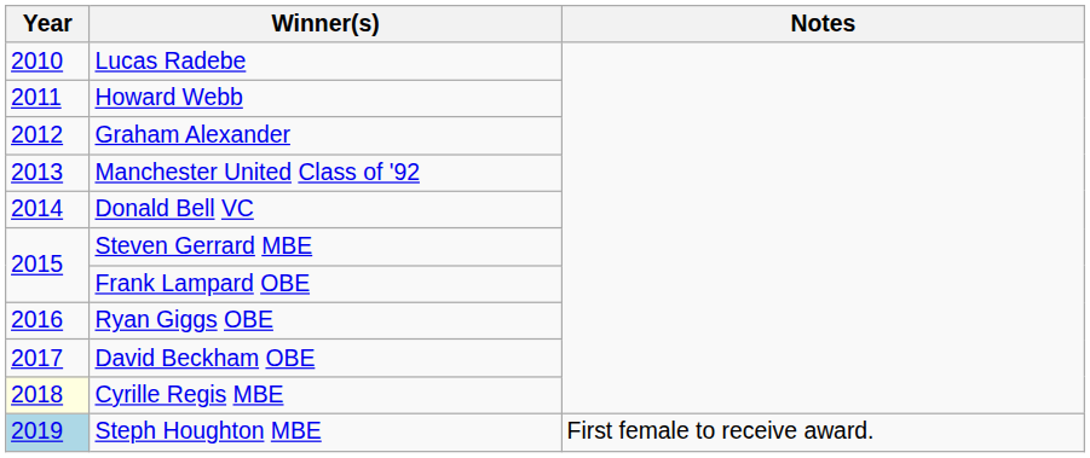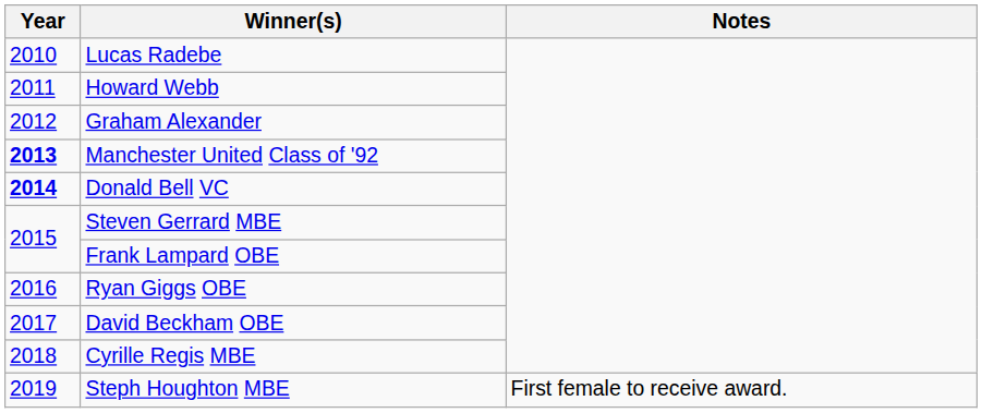 <table class="wikitable">
 <tr>
 <th>Year</th>
 <th>Winner(s)</th>
 <th width="350px">Notes</th>
 </tr>
 <tr>
 <td width="50px"><a href='#'>2010</a></td>
 <td width="315px"> <a href='#'>Lucas Radebe</a></td>
 </tr>
 <tr>
 <td width="50px"><a href='#'>2011</a></td>
 <td width"315px"> <a href='#'>Howard Webb</a></td>
 </tr>
 <tr>
 <td width="50px"><a href='#'>2012</a></td>
 <td width"315px"> <a href='#'>Graham Alexander</a></td>
 </tr>
 <tr>
-<td width="50px"><a href='#'>2013</a></td>
+<td width="50px"><strong><a href='#'>2013</a></strong></td>
 <td width"315px"><a href='#'>Manchester United</a> <a href='#'>Class of '92</a></td>
 </tr>
 <tr>
-<td width="50px"><a href='#'>2014</a></td>
+<td width="50px"><strong><a href='#'>2014</a></strong></td>
 <td width"315px"> <a href='#'>Donald Bell</a> <a href='#'>VC</a></td>
 </tr>
 <tr>
 <td width="50px" rowspan=2><a href='#'>2015</a></td>
 <td width"315px"> <a href='#'>Steven Gerrard</a> <a href='#'>MBE</a></td>
 </tr>
 <tr>
 <td> <a href='#'>Frank Lampard</a> <a href='#'>OBE</a></td>
 </tr>
 <tr>
 <td width="50px"><a href='#'>2016</a></td>
 <td width"315px"> <a href='#'>Ryan Giggs</a> <a href='#'>OBE</a></td>
 </tr>
 <tr>
 <td width="50px"><a href='#'>2017</a></td>
 <td width"315px"> <a href='#'>David Beckham</a> <a href='#'>OBE</a></td>
 </tr>
 <tr>
-<td style="background: lightyellow;"><a href='#'>2018</a></td>
+<td><a href='#'>2018</a></td>
 <td> <a href='#'>Cyrille Regis</a> <a href='#'>MBE</a></td>
 </tr>
 <tr>
-<td style="background: lightblue;"><a href='#'>2019</a></td>
+<td><a href='#'>2019</a></td>
 <td> <a href='#'>Steph Houghton</a> <a href='#'>MBE</a></td>
 <td>First female to receive award.</td>
 </tr>
 </table>
